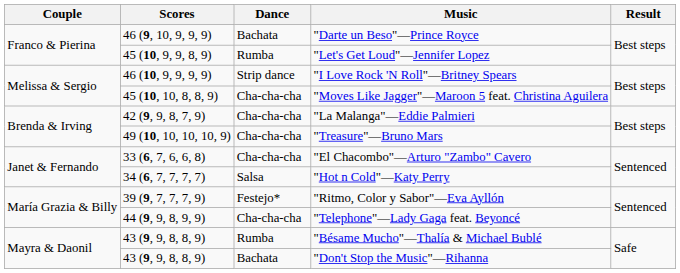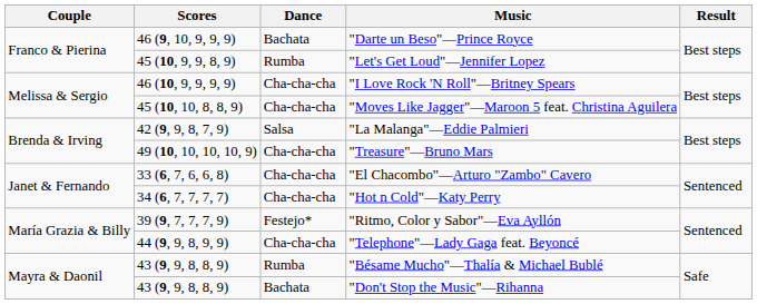 <table class="wikitable sortable" style="width:95%; white-space:nowrap;">
 <tr>
 <th style="width:15%;">Couple</th>
 <th style="width:14%;">Scores</th>
 <th style="width:14%;">Dance</th>
 <th style="width:40%;">Music</th>
 <th style="width:12%;">Result</th>
 </tr>
 <tr>
 <td rowspan="2">Franco & Pierina</td>
 <td>46 (<strong>9</strong>, 10, 9, 9, 9)</td>
 <td>Bachata</td>
 <td>"<a href='#'>Darte un Beso</a>"—<a href='#'>Prince Royce</a></td>
 <td rowspan="2">Best steps</td>
 </tr>
 <tr>
 <td>45 (<strong>10</strong>, 9, 9, 8, 9)</td>
 <td>Rumba</td>
 <td>"<a href='#'>Let's Get Loud</a>"—<a href='#'>Jennifer Lopez</a></td>
 </tr>
 <tr>
 <td rowspan="2">Melissa & Sergio</td>
 <td>46 (<strong>10</strong>, 9, 9, 9, 9)</td>
-<td>Strip dance</td>
+<td>Cha-cha-cha</td>
 <td>"<a href='#'>I Love Rock 'N Roll</a>"—<a href='#'>Britney Spears</a></td>
 <td rowspan="2">Best steps</td>
 </tr>
 <tr>
 <td>45 (<strong>10</strong>, 10, 8, 8, 9)</td>
 <td>Cha-cha-cha</td>
 <td>"<a href='#'>Moves Like Jagger</a>"—<a href='#'>Maroon 5</a> feat. <a href='#'>Christina Aguilera</a></td>
 </tr>
 <tr>
 <td rowspan="2">Brenda & Irving</td>
 <td>42 (<strong>9</strong>, 9, 8, 7, 9)</td>
-<td>Cha-cha-cha</td>
+<td>Salsa</td>
 <td>"La Malanga"—<a href='#'>Eddie Palmieri</a></td>
 <td rowspan="2">Best steps</td>
 </tr>
 <tr>
 <td>49 (<strong>10</strong>, 10, 10, 10, 9)</td>
 <td>Cha-cha-cha</td>
 <td>"<a href='#'>Treasure</a>"—<a href='#'>Bruno Mars</a></td>
 </tr>
 <tr>
 <td rowspan="2">Janet & Fernando</td>
 <td>33 (<strong>6</strong>, 7, 6, 6, 8)</td>
 <td>Cha-cha-cha</td>
 <td>"El Chacombo"—<a href='#'>Arturo "Zambo" Cavero</a></td>
 <td rowspan="2">Sentenced</td>
 </tr>
 <tr>
 <td>34 (<strong>6</strong>, 7, 7, 7, 7)</td>
-<td>Salsa</td>
+<td>Cha-cha-cha</td>
 <td>"<a href='#'>Hot n Cold</a>"—<a href='#'>Katy Perry</a></td>
 </tr>
 <tr>
 <td rowspan="2">María Grazia & Billy</td>
 <td>39 (<strong>9</strong>, 7, 7, 7, 9)</td>
 <td>Festejo*</td>
 <td>"Ritmo, Color y Sabor"—<a href='#'>Eva Ayllón</a></td>
 <td rowspan="2">Sentenced</td>
 </tr>
 <tr>
 <td>44 (<strong>9</strong>, 9, 8, 9, 9)</td>
 <td>Cha-cha-cha</td>
 <td>"<a href='#'>Telephone</a>"—<a href='#'>Lady Gaga</a> feat. <a href='#'>Beyoncé</a></td>
 </tr>
 <tr>
 <td rowspan="2">Mayra & Daonil</td>
 <td>43 (<strong>9</strong>, 9, 8, 8, 9)</td>
 <td>Rumba</td>
 <td>"<a href='#'>Bésame Mucho</a>"—<a href='#'>Thalía</a> & <a href='#'>Michael Bublé</a></td>
 <td rowspan="2">Safe</td>
 </tr>
 <tr>
 <td>43 (<strong>9</strong>, 9, 8, 8, 9)</td>
 <td>Bachata</td>
 <td>"<a href='#'>Don't Stop the Music</a>"—<a href='#'>Rihanna</a></td>
 </tr>
 </table>
